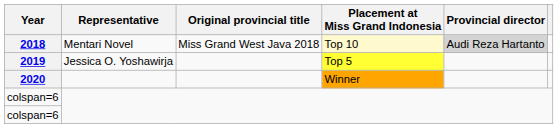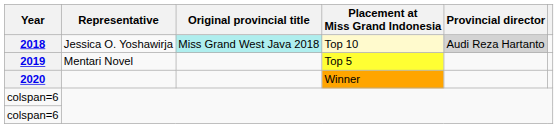 <table class="wikitable defaultcenter col2left col5left" style="font-size:95%;">
 <tr>
 <th>Year</th>
 <th>Representative</th>
 <th>Original provincial title</th>
 <th>Placement at<br>Miss Grand Indonesia</th>
 <th>Provincial director</th>
 <th></th>
 </tr>
 <tr>
 <th><a href='#'>2018</a></th>
-<td>Mentari Novel</td>
-<td>Miss Grand West Java 2018</td>
+<td>Jessica O. Yoshawirja</td>
+<td style="background: paleturquoise;">Miss Grand West Java 2018</td>
 <td bgcolor=#FFFACD>Top 10</td>
 <td style="background: lightgrey;">Audi Reza Hartanto</td>
 <td></td>
 </tr>
 <tr>
 <th><a href='#'>2019</a></th>
-<td>Jessica O. Yoshawirja</td>
+<td>Mentari Novel</td>
 <td></td>
 <td bgcolor=#FFFF33>Top 5</td>
 <td></td>
 <td></td>
 </tr>
 <tr>
 <th><a href='#'>2020</a></th>
 <td></td>
 <td></td>
 <td bgcolor=orange>Winner</td>
 <td></td>
 <td></td>
 </tr>
 <tr>
 <td>colspan=6 </td>
 </tr>
 <tr>
 <td>colspan=6 </td>
 </tr>
 </table>
